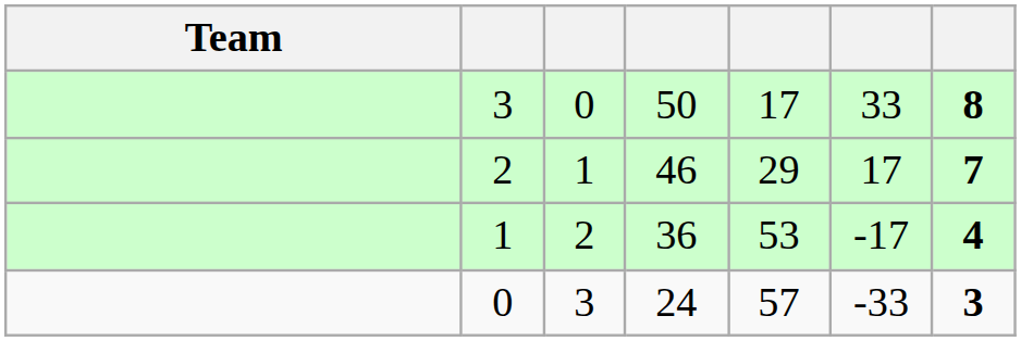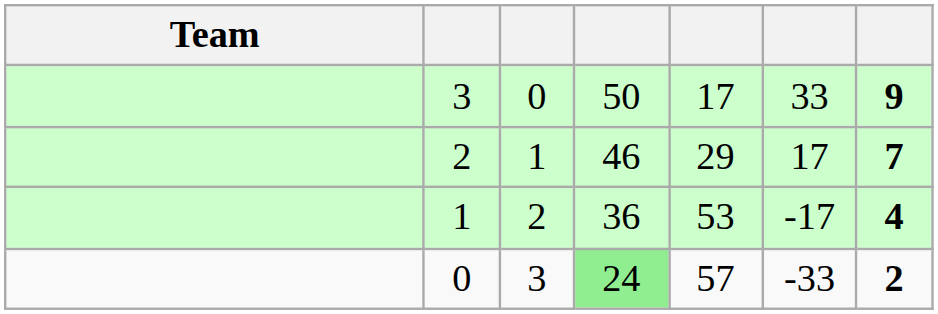 <table class="wikitable" style="text-align:center;">
 <tr>
 <th style="width:10.5em;">Team</th>
 <th style="width:1.5em;"></th>
 <th style="width:1.5em;"></th>
 <th style="width:2.0em;"></th>
 <th style="width:2.0em;"></th>
 <th style="width:2.0em;"></th>
 <th style="width:1.5em;"></th>
 </tr>
 <tr bgcolor=#cfc>
 <td align="left"></td>
 <td>3</td>
 <td>0</td>
 <td>50</td>
 <td>17</td>
 <td>33</td>
-<td><strong>8</strong></td>
+<td><strong>9</strong></td>
 </tr>
 <tr bgcolor=#cfc>
 <td align="left"></td>
 <td>2</td>
 <td>1</td>
 <td>46</td>
 <td>29</td>
 <td>17</td>
 <td><strong>7</strong></td>
 </tr>
 <tr bgcolor=#cfc>
 <td align="left"></td>
 <td>1</td>
 <td>2</td>
 <td>36</td>
 <td>53</td>
 <td>-17</td>
 <td><strong>4</strong></td>
 </tr>
 <tr>
 <td align="left"></td>
 <td>0</td>
 <td>3</td>
-<td>24</td>
+<td style="background: lightgreen;">24</td>
 <td>57</td>
 <td>-33</td>
-<td><strong>3</strong></td>
+<td><strong>2</strong></td>
 </tr>
 </table>
